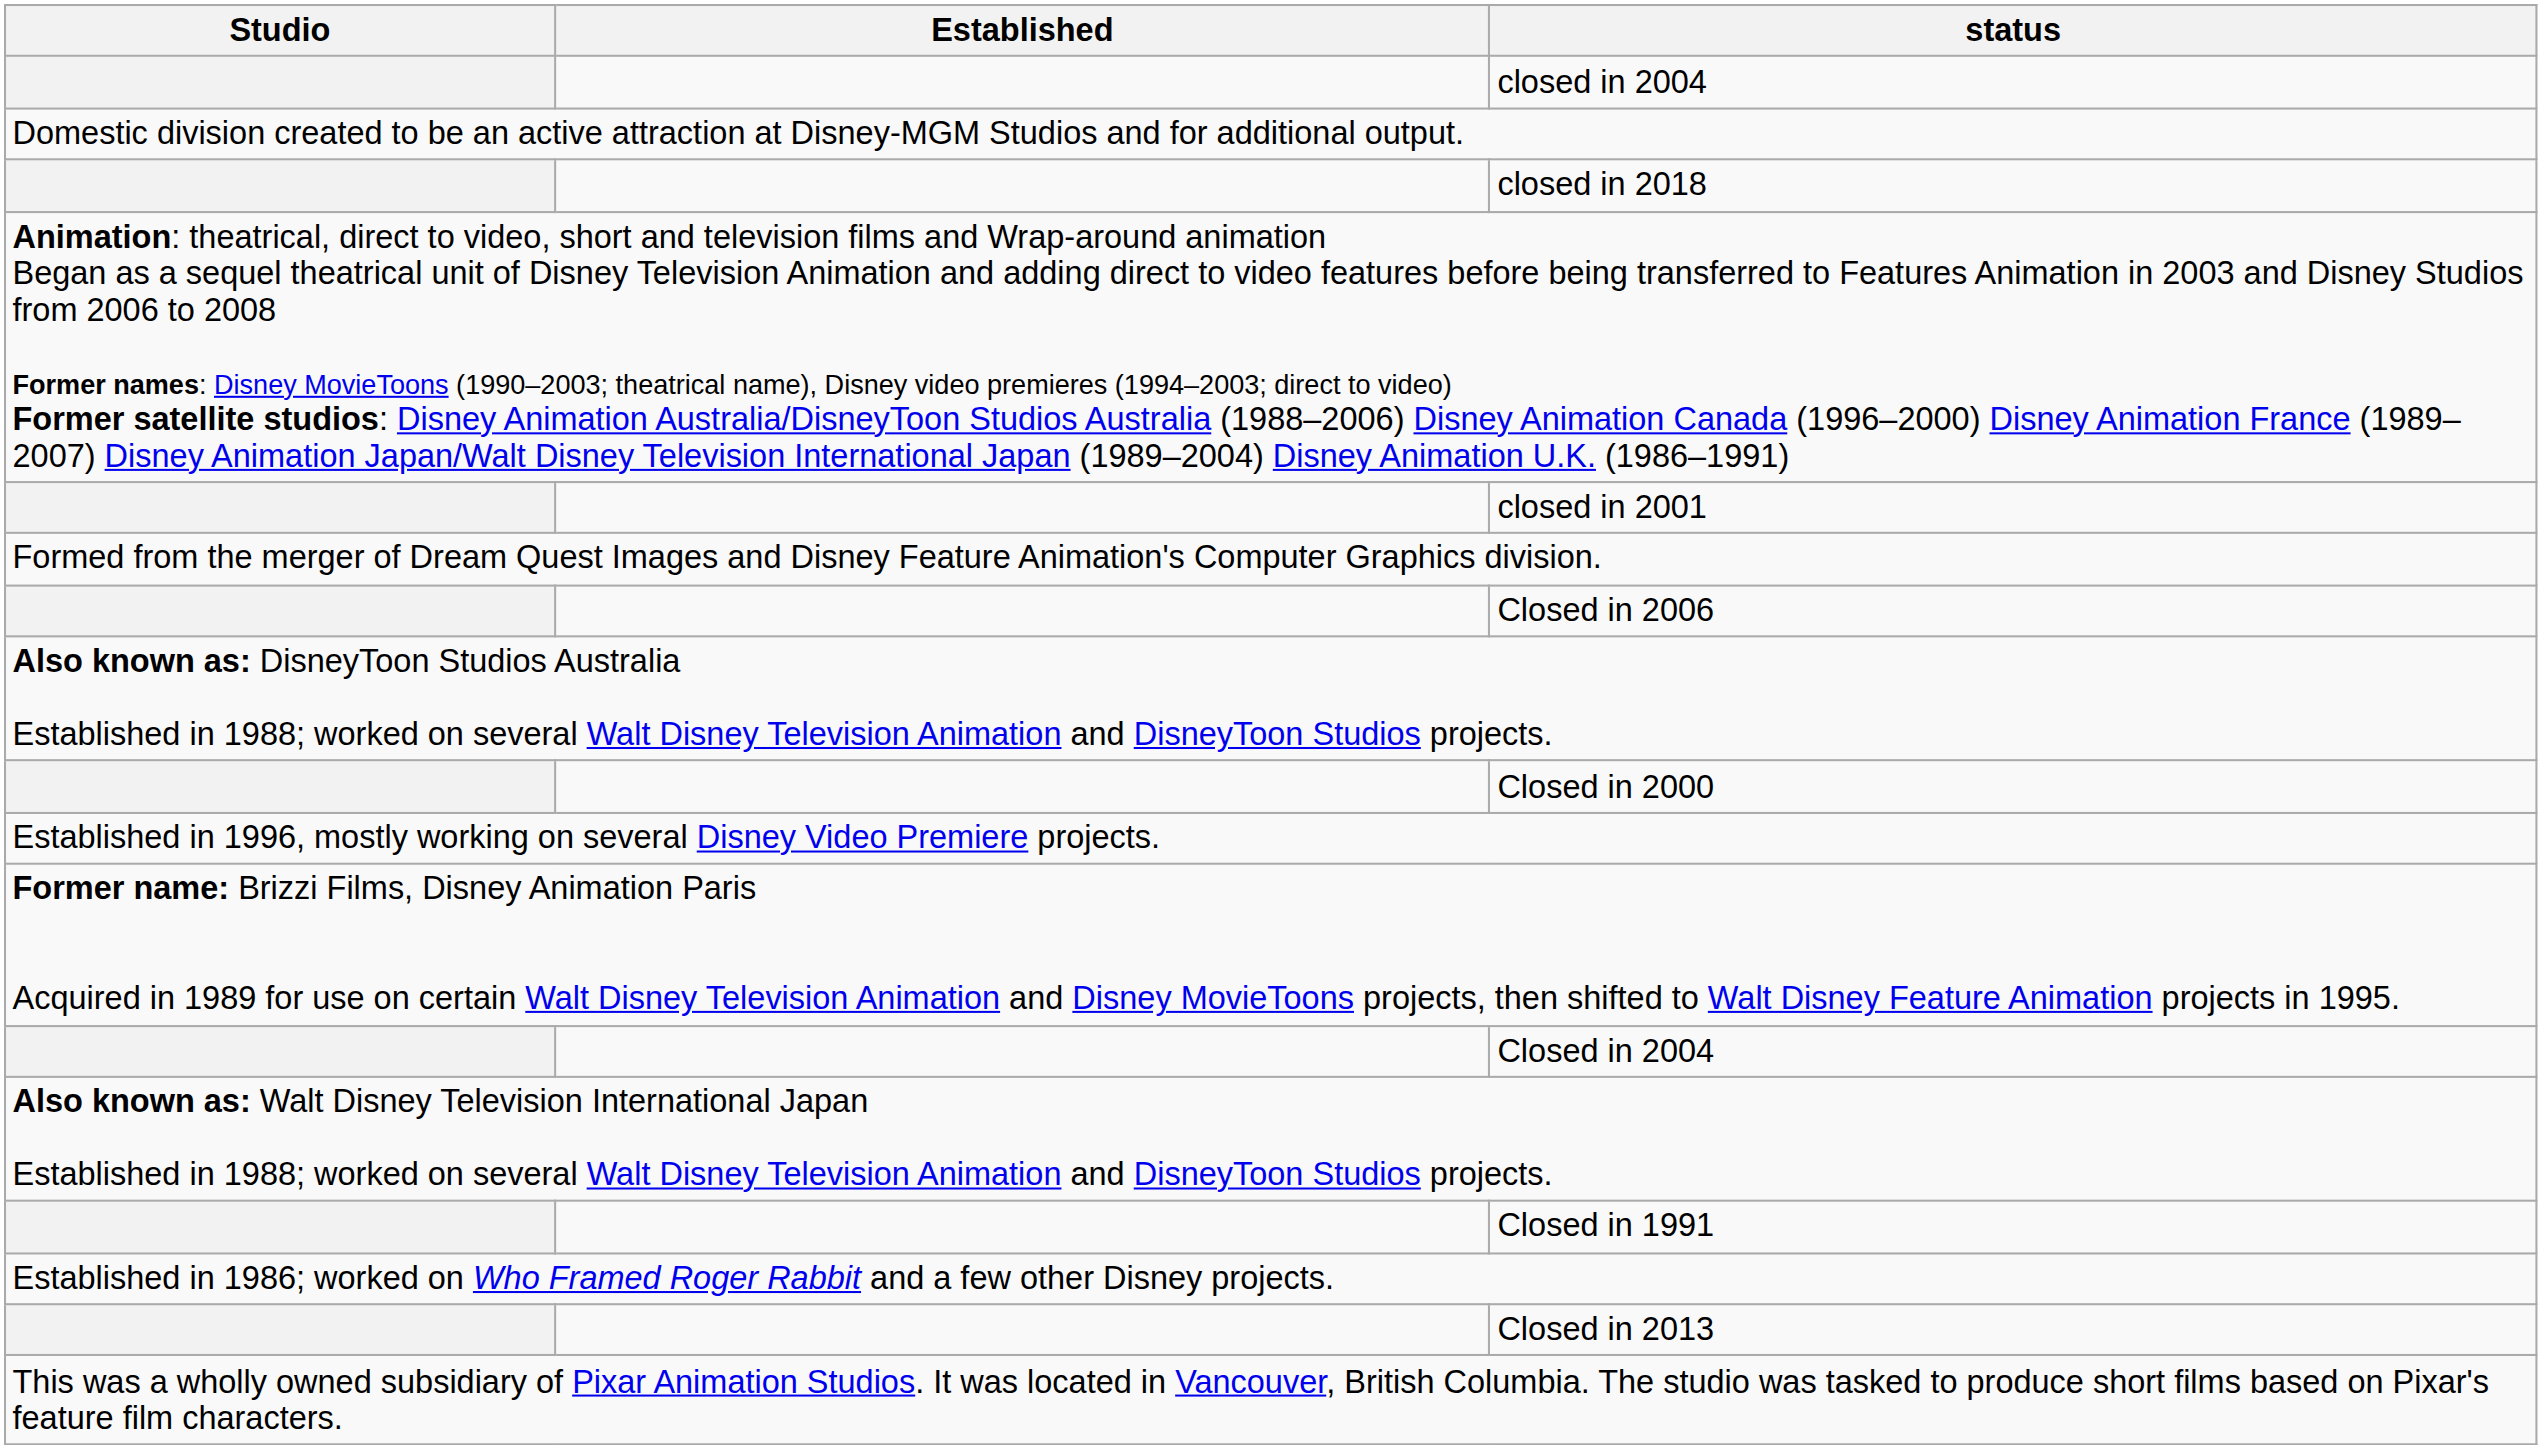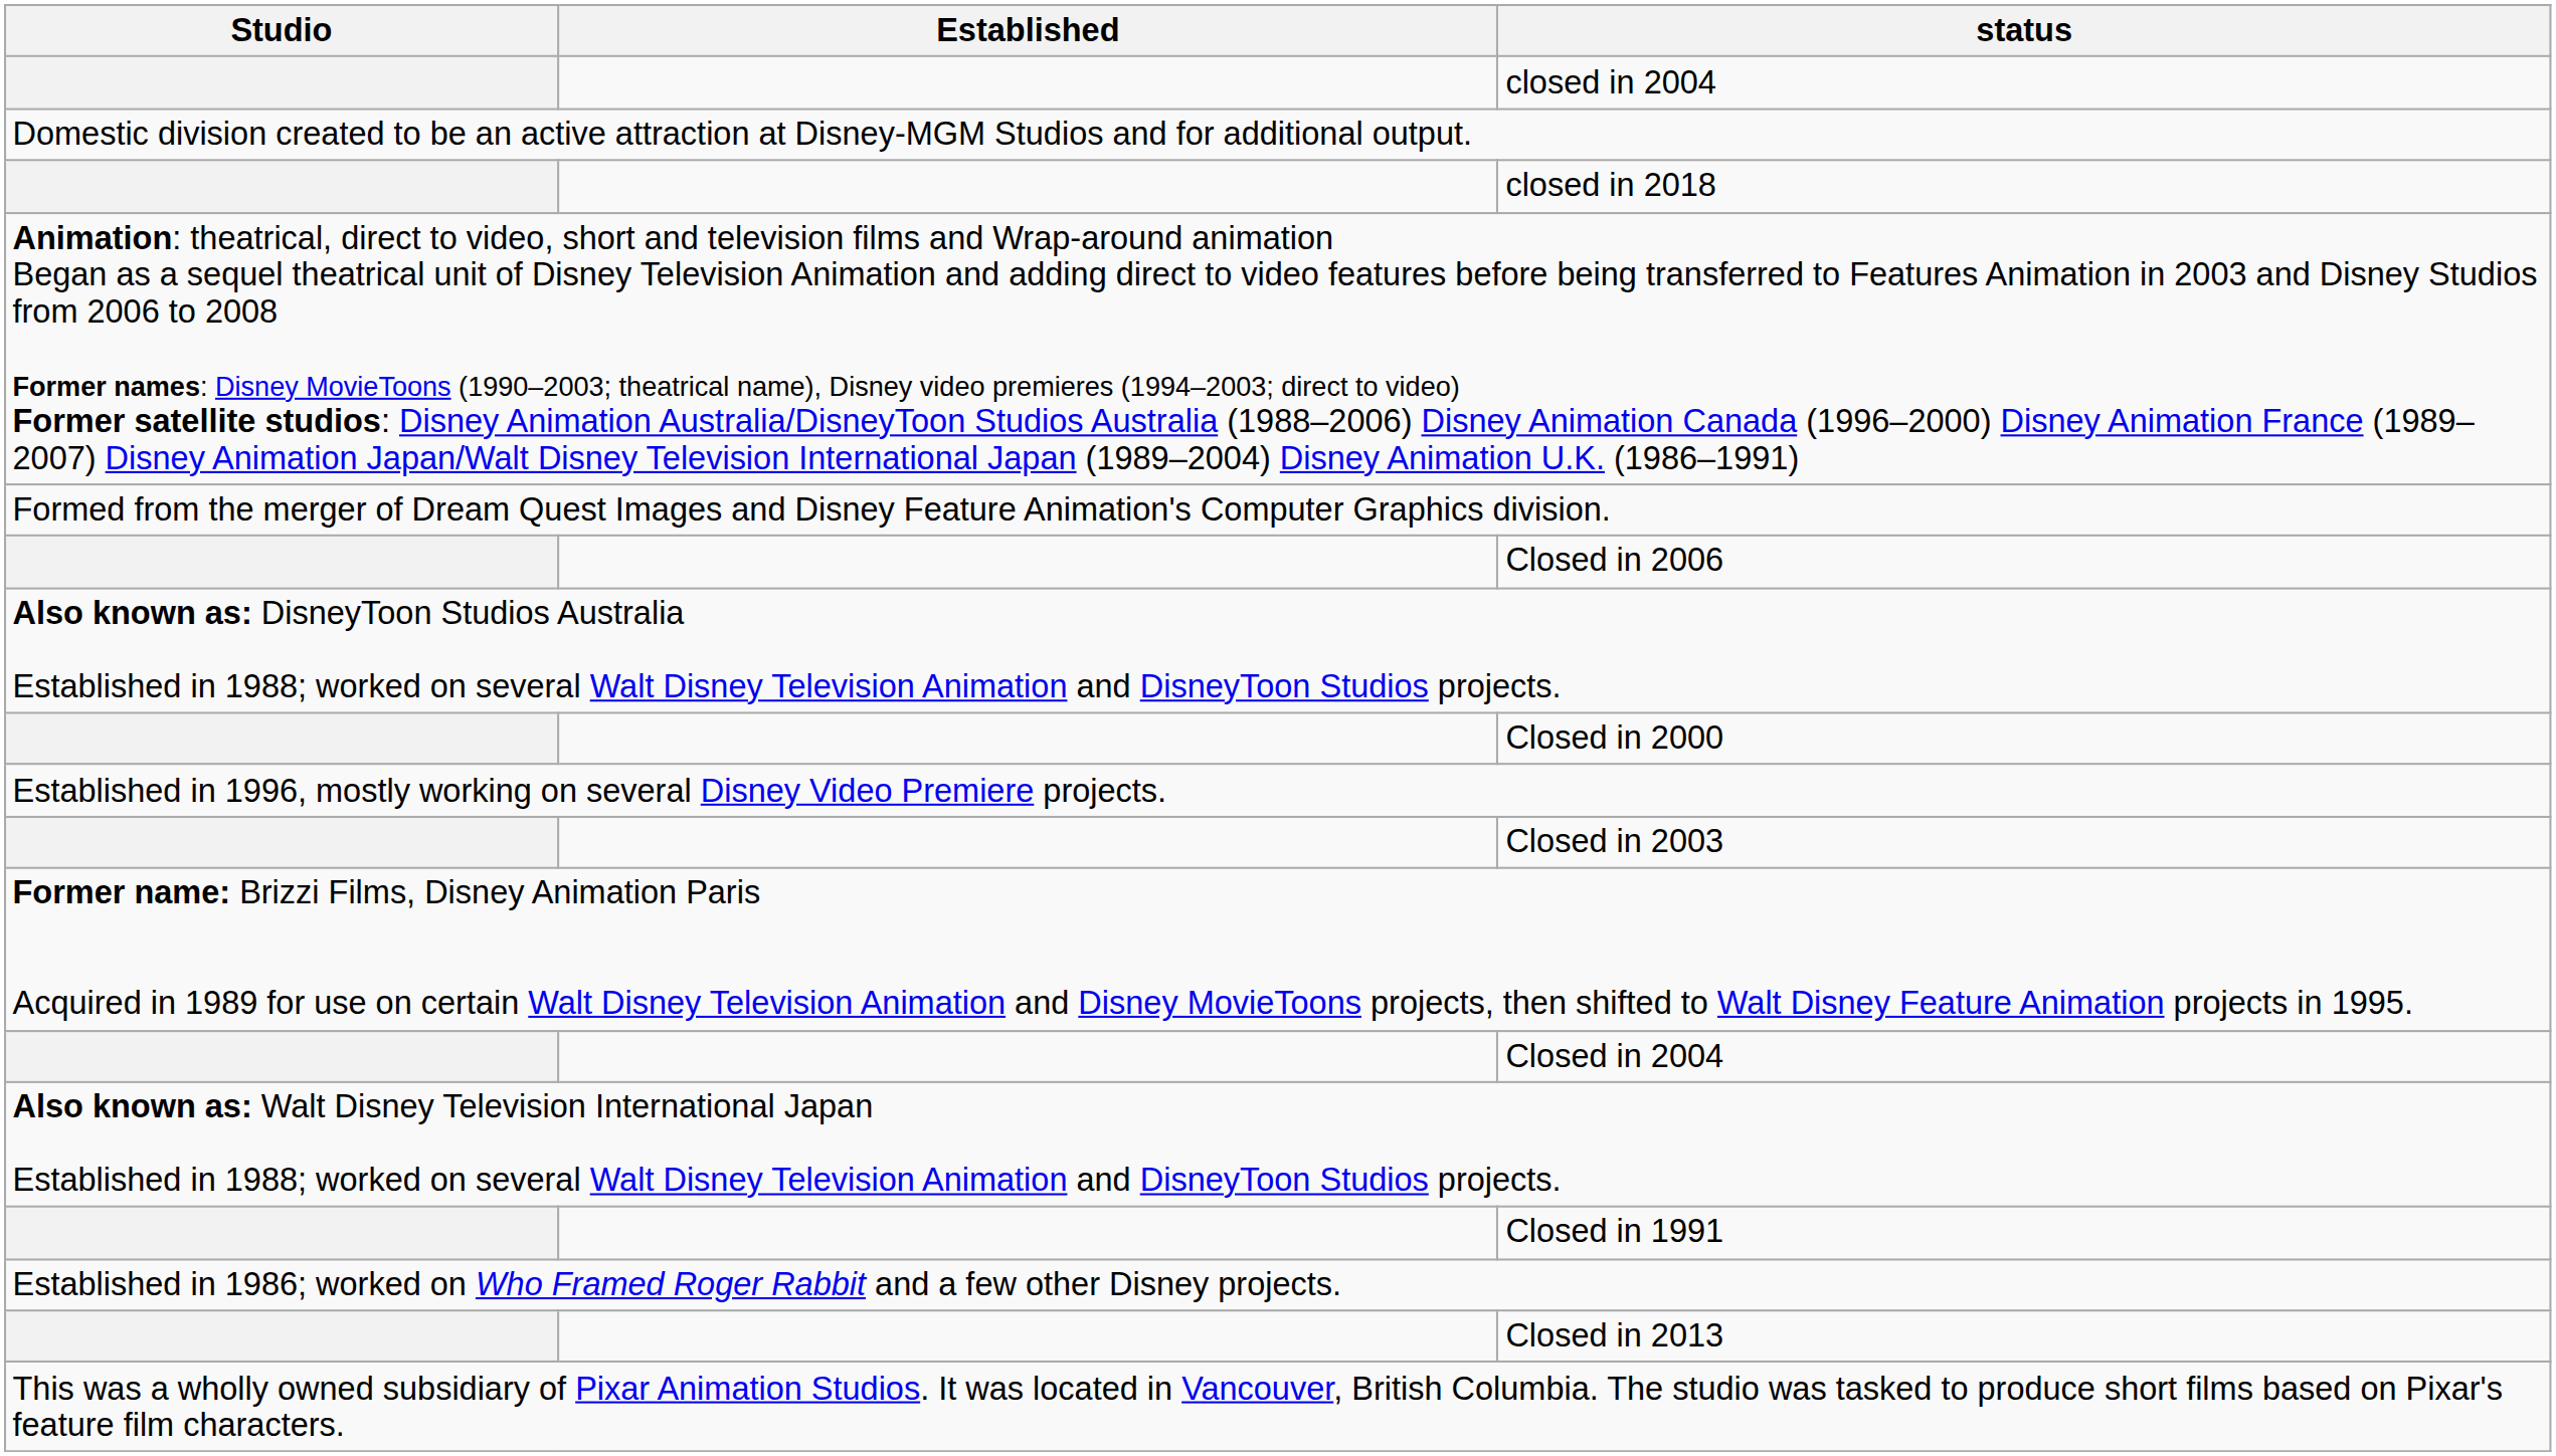 <table class="wikitable plainrowheaders">
 <tr>
 <th>Studio</th>
 <th>Established</th>
 <th>status</th>
 </tr>
 <tr>
 <th></th>
 <td></td>
 <td>closed in 2004</td>
 </tr>
 <tr>
 <td colspan="3">Domestic division created to be an active attraction at Disney-MGM Studios and for additional output.</td>
 </tr>
 <tr>
 <th></th>
 <td></td>
 <td>closed in 2018</td>
 </tr>
 <tr>
 <td colspan="3"><strong>Animation</strong>: theatrical, direct to video, short and television films and Wrap-around animation<br>Began as a sequel theatrical unit of Disney Television Animation and adding direct to video features before being transferred to Features Animation in 2003 and Disney Studios from 2006 to 2008<br><br><small><strong>Former names</strong>:  <a href='#'>Disney MovieToons</a> (1990–2003; theatrical name), Disney video premieres (1994–2003; direct to video)</small> <br><strong>Former satellite studios</strong>:  <a href='#'>Disney Animation Australia/DisneyToon Studios Australia</a> (1988–2006) <a href='#'>Disney Animation Canada</a> (1996–2000) <a href='#'>Disney Animation France</a> (1989–2007) <a href='#'>Disney Animation Japan/Walt Disney Television International Japan</a> (1989–2004) <a href='#'>Disney Animation U.K.</a> (1986–1991)</td>
 </tr>
 <tr>
-<th></th>
-<td></td>
-<td>closed in 2001</td>
-</tr>
-<tr>
 <td colspan="3">Formed from the merger of Dream Quest Images and Disney Feature Animation's Computer Graphics division.</td>
 </tr>
 <tr>
 <th></th>
 <td></td>
 <td>Closed in 2006</td>
 </tr>
 <tr>
 <td colspan="3"><strong>Also known as:</strong>  DisneyToon Studios Australia<br><br>Established in 1988; worked on several <a href='#'>Walt Disney Television Animation</a> and <a href='#'>DisneyToon Studios</a> projects.</td>
 </tr>
 <tr>
 <th></th>
 <td></td>
 <td>Closed in 2000</td>
 </tr>
 <tr>
 <td colspan="3">Established in 1996, mostly working on several <a href='#'>Disney Video Premiere</a> projects.</td>
+</tr>
+<tr>
+<th></th>
+<td></td>
+<td>Closed in 2003</td>
 </tr>
 <tr>
 <td colspan="3"><strong>Former name:</strong> Brizzi Films, Disney Animation Paris<br><br><br>Acquired in 1989 for use on certain <a href='#'>Walt Disney Television Animation</a> and <a href='#'>Disney MovieToons</a> projects, then shifted to <a href='#'>Walt Disney Feature Animation</a> projects in 1995.</td>
 </tr>
 <tr>
 <th></th>
 <td></td>
 <td>Closed in 2004</td>
 </tr>
 <tr>
 <td colspan="3"><strong>Also known as:</strong> Walt Disney Television International Japan<br><br>Established in 1988; worked on several <a href='#'>Walt Disney Television Animation</a> and <a href='#'>DisneyToon Studios</a> projects.</td>
 </tr>
 <tr>
 <th></th>
 <td></td>
 <td>Closed in 1991</td>
 </tr>
 <tr>
 <td colspan="3">Established in 1986; worked on <em><a href='#'>Who Framed Roger Rabbit</a></em> and a few other Disney projects.</td>
 </tr>
 <tr>
 <th></th>
 <td></td>
 <td>Closed in 2013</td>
 </tr>
 <tr>
 <td colspan="3">This was a wholly owned subsidiary of <a href='#'>Pixar Animation Studios</a>. It was located in <a href='#'>Vancouver</a>, British Columbia. The studio was tasked to produce short films based on Pixar's feature film characters.</td>
 </tr>
 </table>
